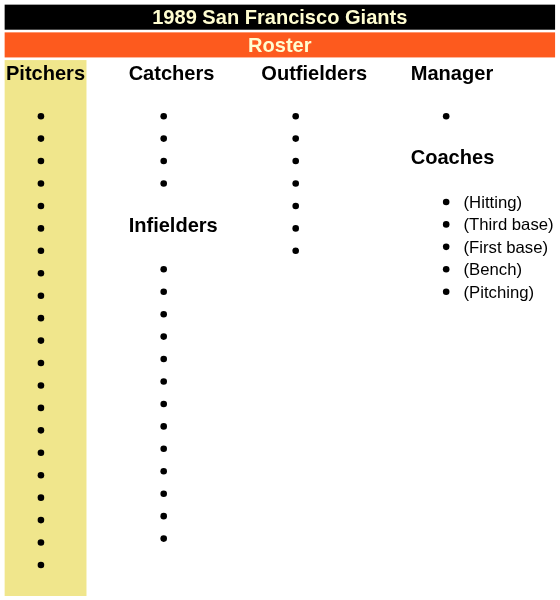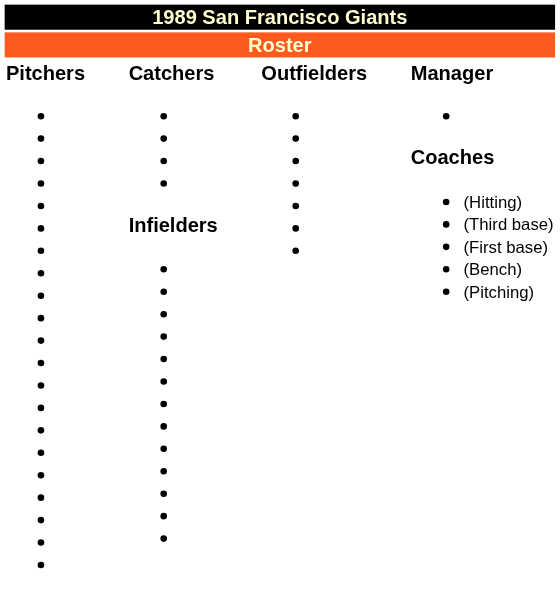 <table class="toccolours" style="font-size: 95%;">
 <tr>
 <th colspan="10" style="background-color: black; color: #FFFDD0; text-align: center;">1989 San Francisco Giants</th>
 </tr>
 <tr>
 <td colspan="10" style="background-color: #fd5a1e; color: #FFFDD0; text-align: center;"><strong>Roster</strong></td>
 </tr>
 <tr>
-<td valign="top" style="background: khaki;"><strong>Pitchers</strong><br><ul><li></li><li></li><li></li><li></li><li></li><li></li><li></li><li></li><li></li><li></li><li></li><li></li><li></li><li></li><li></li><li></li><li></li><li></li><li></li><li></li><li></li></ul></td>
+<td valign="top"><strong>Pitchers</strong><br><ul><li></li><li></li><li></li><li></li><li></li><li></li><li></li><li></li><li></li><li></li><li></li><li></li><li></li><li></li><li></li><li></li><li></li><li></li><li></li><li></li><li></li></ul></td>
 <td width="25px"></td>
 <td valign="top"><strong>Catchers</strong><br><ul><li></li><li></li><li></li><li></li></ul><strong>Infielders</strong><ul><li></li><li></li><li></li><li></li><li></li><li></li><li></li><li></li><li></li><li></li><li></li><li></li><li></li></ul></td>
 <td width="25px"></td>
 <td valign="top"><strong>Outfielders</strong><br><ul><li></li><li></li><li></li><li></li><li></li><li></li><li></li></ul></td>
 <td width="25px"></td>
 <td valign="top"><strong>Manager</strong><br><ul><li></li></ul><strong>Coaches</strong><ul><li> <small>(Hitting)</small></li><li> <small>(Third base)</small></li><li> <small>(First base)</small></li><li> <small>(Bench)</small></li><li> <small>(Pitching)</small></li></ul></td>
 </tr>
 </table>
